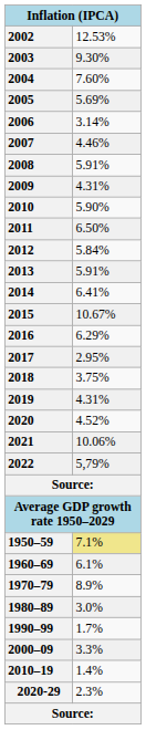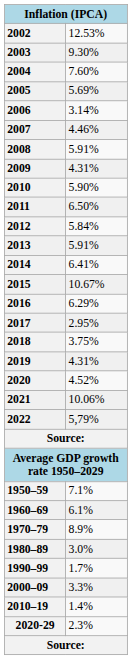 <table width="23%" style="toc: 25em; font-size: 85%; lucida grande, sans-serif; text-align: left;" class="wikitable floatright">
 <tr>
 <th style="text-align:center; background:lightblue" colspan="2">Inflation (IPCA)</th>
 </tr>
 <tr>
 <th style="text-align:left; vertical-align:top">2002</th>
 <td style="vertical-align:top">12.53%</td>
 </tr>
 <tr>
 <th style="background:#f0f0f0; text-align:left; vertical-align:top">2003</th>
 <td style="background:#f0f0f0; vertical-align:top">9.30%</td>
 </tr>
 <tr>
 <th style="text-align:left; vertical-align:top">2004</th>
 <td style="vertical-align:top">7.60%</td>
 </tr>
 <tr>
 <th style="background:#f0f0f0; text-align:left; vertical-align:top">2005</th>
 <td style="background:#f0f0f0; vertical-align:top">5.69%</td>
 </tr>
 <tr>
 <th style="text-align:left; vertical-align:top">2006</th>
 <td style="vertical-align:top">3.14%</td>
 </tr>
 <tr>
 <th style="background:#f0f0f0; text-align:left; vertical-align:top">2007</th>
 <td style="background:#f0f0f0; vertical-align:top">4.46%</td>
 </tr>
 <tr>
 <th style="text-align:left; vertical-align:top">2008</th>
 <td style="vertical-align:top">5.91%</td>
 </tr>
 <tr>
 <th style="background:#f0f0f0; text-align:left; vertical-align:top">2009</th>
 <td style="background:#f0f0f0; vertical-align:top">4.31%</td>
 </tr>
 <tr>
 <th style="text-align:left; vertical-align:top">2010</th>
 <td style="vertical-align:top">5.90%</td>
 </tr>
 <tr>
 <th style="background:#f0f0f0; text-align:left; vertical-align:top">2011</th>
 <td style="background:#f0f0f0; vertical-align:top">6.50%</td>
 </tr>
 <tr>
 <th style="text-align:left; vertical-align:top">2012</th>
 <td style="vertical-align:top">5.84%</td>
 </tr>
 <tr>
 <th style="background:#f0f0f0; text-align:left; vertical-align:top">2013</th>
 <td style="background:#f0f0f0; vertical-align:top">5.91%</td>
 </tr>
 <tr>
 <th style="text-align:left; vertical-align:top">2014</th>
 <td style="vertical-align:top">6.41%</td>
 </tr>
 <tr>
 <th style="background:#f0f0f0; text-align:left; vertical-align:top">2015</th>
 <td style="background:#f0f0f0; vertical-align:top">10.67%</td>
 </tr>
 <tr>
 <th style="text-align:left; vertical-align:top">2016</th>
 <td style="vertical-align:top">6.29%</td>
 </tr>
 <tr>
 <th style="background:#f0f0f0; text-align:left; vertical-align:top">2017</th>
 <td style="background:#f0f0f0; vertical-align:top">2.95%</td>
 </tr>
 <tr>
 <th style="text-align:left; vertical-align:top">2018</th>
 <td style="vertical-align:top">3.75%</td>
 </tr>
 <tr>
 <th style="background:#f0f0f0; text-align:left; vertical-align:top">2019</th>
 <td style="background:#f0f0f0; vertical-align:top">4.31%</td>
 </tr>
 <tr>
 <th style="text-align:left; vertical-align:top">2020</th>
 <td style="vertical-align:top">4.52%</td>
 </tr>
 <tr>
 <th style="background:#f0f0f0; text-align:left; vertical-align:top">2021</th>
 <td style="background:#f0f0f0; vertical-align:top">10.06%</td>
 </tr>
 <tr>
 <th style="background:#f0f0f0; text-align:left; vertical-align:top">2022</th>
 <td style="background:#f0f0f0; vertical-align:top">5,79%</td>
 </tr>
 <tr>
 <th style="text-align:center; vertical-align:top" colspan="2">Source:</th>
 </tr>
 <tr>
 <th style="text-align:center; background:lightblue" colspan="2">Average GDP growth rate 1950–2029</th>
 </tr>
 <tr>
 <th style="text-align:left; vertical-align:top">1950–59</th>
-<td style="background: khaki; vertical-align:top">7.1%</td>
+<td style="vertical-align:top">7.1%</td>
 </tr>
 <tr>
 <th style="background:#f0f0f0; text-align:left; vertical-align:top">1960–69</th>
 <td style="background:#f0f0f0; vertical-align:top">6.1%</td>
 </tr>
 <tr>
 <th style="text-align:left; vertical-align:top">1970–79</th>
 <td style="vertical-align:top">8.9%</td>
 </tr>
 <tr>
 <th style="background:#f0f0f0; text-align:left; vertical-align:top">1980–89</th>
 <td style="background:#f0f0f0; vertical-align:top">3.0%</td>
 </tr>
 <tr>
 <th style="text-align:left; vertical-align:top">1990–99</th>
 <td style="vertical-align:top">1.7%</td>
 </tr>
 <tr>
 <th style="background:#f0f0f0; text-align:left; vertical-align:top">2000–09</th>
 <td style="background:#f0f0f0; vertical-align:top">3.3%</td>
 </tr>
 <tr>
 <th style="text-align:left; vertical-align:top">2010–19</th>
 <td style="vertical-align:top">1.4%</td>
 </tr>
 <tr>
 <th>2020-29</th>
 <td>2.3%</td>
 </tr>
 <tr>
 <th style="text-align:center; vertical-align:top" colspan="2">Source:</th>
 </tr>
 </table>
